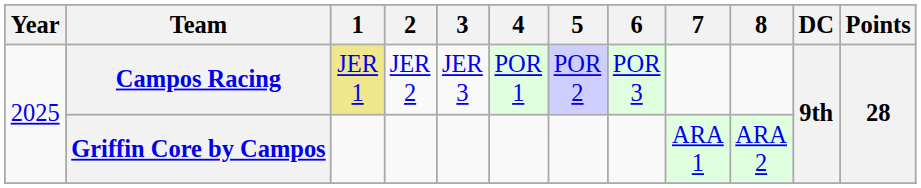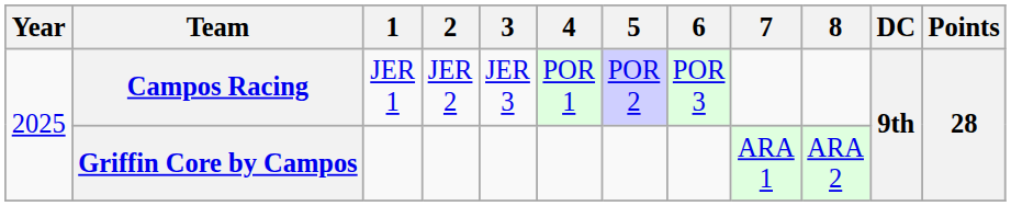 <table class="wikitable" style="text-align:center; font-size:85%">
 <tr>
 <th>Year</th>
 <th>Team</th>
 <th>1</th>
 <th>2</th>
 <th>3</th>
 <th>4</th>
 <th>5</th>
 <th>6</th>
 <th>7</th>
 <th>8</th>
 <th>DC</th>
 <th>Points</th>
 </tr>
 <tr>
 <td rowspan="2"><a href='#'>2025</a></td>
 <th><a href='#'>Campos Racing</a></th>
-<td style="background: khaki;"><a href='#'>JER<br>1</a></td>
+<td><a href='#'>JER<br>1</a></td>
 <td><a href='#'>JER<br>2</a></td>
 <td><a href='#'>JER<br>3</a></td>
 <td style="background:#DFFFDF"><a href='#'>POR<br>1</a><br></td>
 <td style="background:#CFCFFF"><a href='#'>POR<br>2</a><br></td>
 <td style="background:#DFFFDF"><a href='#'>POR<br>3</a><br></td>
 <td></td>
 <td></td>
 <th rowspan="2">9th</th>
 <th rowspan="2">28</th>
 </tr>
 <tr>
 <th><a href='#'>Griffin Core by Campos</a></th>
 <td></td>
 <td></td>
 <td></td>
 <td></td>
 <td></td>
 <td></td>
 <td style="background:#DFFFDF"><a href='#'>ARA<br>1</a><br></td>
 <td style="background:#DFFFDF"><a href='#'>ARA<br>2</a><br></td>
 </tr>
 </table>
